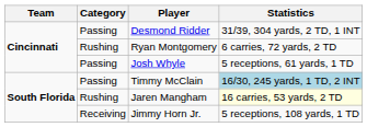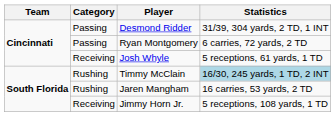 <table class="wikitable" style="float: left;">
 <tr>
 <th>Team</th>
 <th>Category</th>
 <th>Player</th>
 <th>Statistics</th>
 </tr>
 <tr>
 <td rowspan=3><strong>Cincinnati</strong></td>
 <td>Passing</td>
 <td><a href='#'>Desmond Ridder</a></td>
 <td>31/39, 304 yards, 2 TD, 1 INT</td>
 </tr>
 <tr>
-<td>Rushing</td>
+<td>Passing</td>
 <td>Ryan Montgomery</td>
 <td>6 carries, 72 yards, 2 TD</td>
 </tr>
 <tr>
-<td>Passing</td>
+<td>Receiving</td>
 <td><a href='#'>Josh Whyle</a></td>
 <td>5 receptions, 61 yards, 1 TD</td>
 </tr>
 <tr>
 <td rowspan=3><strong>South Florida</strong></td>
-<td>Passing</td>
+<td>Rushing</td>
 <td>Timmy McClain</td>
 <td style="background: lightblue;">16/30, 245 yards, 1 TD, 2 INT</td>
 </tr>
 <tr>
 <td>Rushing</td>
 <td>Jaren Mangham</td>
-<td style="background: lightyellow;">16 carries, 53 yards, 2 TD</td>
+<td>16 carries, 53 yards, 2 TD</td>
 </tr>
 <tr>
 <td>Receiving</td>
 <td>Jimmy Horn Jr.</td>
 <td>5 receptions, 108 yards, 1 TD</td>
 </tr>
 </table>
